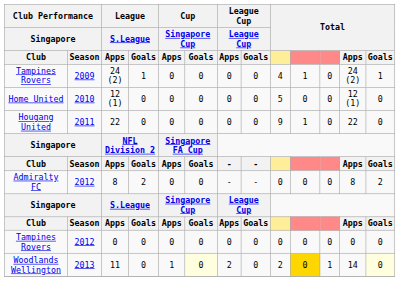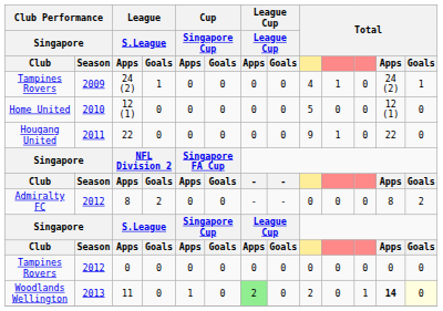 <table class="wikitable" style="text-align:center">
 <tr>
 <th colspan="2">Club Performance</th>
 <th colspan="2">League</th>
 <th colspan="2">Cup</th>
 <th colspan="2">League Cup</th>
 <th colspan="5" rowspan="2">Total</th>
 </tr>
 <tr>
 <th colspan="2">Singapore</th>
 <th colspan="2"><a href='#'>S.League</a></th>
 <th colspan="2"><a href='#'>Singapore Cup</a></th>
 <th colspan="2"><a href='#'>League Cup</a></th>
 </tr>
 <tr>
 <th>Club</th>
 <th>Season</th>
 <th>Apps</th>
 <th>Goals</th>
 <th>Apps</th>
 <th>Goals</th>
 <th>Apps</th>
 <th>Goals</th>
 <th style="width:25px; background:#fe9;"></th>
 <th style="width:40px; background:#ff8888;"></th>
 <th style="width:25px; background:#ff8888;"></th>
 <th>Apps</th>
 <th>Goals</th>
 </tr>
 <tr>
 <td rowspan="1"><a href='#'>Tampines Rovers</a></td>
 <td><a href='#'>2009</a></td>
 <td>24 (2)</td>
 <td>1</td>
 <td>0</td>
 <td>0</td>
 <td>0</td>
 <td>0</td>
 <td>4</td>
 <td>1</td>
 <td>0</td>
 <td>24 (2)</td>
 <td>1</td>
 </tr>
 <tr>
 <td rowspan="1"><a href='#'>Home United</a></td>
 <td><a href='#'>2010</a></td>
 <td>12 (1)</td>
 <td>0</td>
 <td>0</td>
 <td>0</td>
 <td>0</td>
 <td>0</td>
 <td>5</td>
 <td>0</td>
 <td>0</td>
 <td>12 (1)</td>
 <td>0</td>
 </tr>
 <tr>
 <td rowspan="1"><a href='#'>Hougang United</a></td>
 <td><a href='#'>2011</a></td>
 <td>22</td>
 <td>0</td>
 <td>0</td>
 <td>0</td>
 <td>0</td>
 <td>0</td>
 <td>9</td>
 <td>1</td>
 <td>0</td>
 <td>22</td>
 <td>0</td>
 </tr>
 <tr>
 <th colspan="2">Singapore</th>
 <th colspan="2"><a href='#'>NFL Division 2</a></th>
 <th colspan="2"><a href='#'>Singapore FA Cup</a></th>
 </tr>
 <tr>
 <th>Club</th>
 <th>Season</th>
 <th>Apps</th>
 <th>Goals</th>
 <th>Apps</th>
 <th>Goals</th>
 <th>-</th>
 <th>-</th>
 <th style="width:25px; background:#fe9;"></th>
 <th style="width:40px; background:#ff8888;"></th>
 <th style="width:25px; background:#ff8888;"></th>
 <th>Apps</th>
 <th>Goals</th>
 </tr>
 <tr>
 <td rowspan="1"><a href='#'>Admiralty FC</a></td>
 <td><a href='#'>2012</a></td>
 <td>8</td>
 <td>2</td>
 <td>0</td>
 <td>0</td>
 <td>-</td>
 <td>-</td>
 <td>0</td>
 <td>0</td>
 <td>0</td>
 <td>8</td>
 <td>2</td>
 </tr>
 <tr>
 <th colspan="2">Singapore</th>
 <th colspan="2"><a href='#'>S.League</a></th>
 <th colspan="2"><a href='#'>Singapore Cup</a></th>
 <th colspan="2"><a href='#'>League Cup</a></th>
 </tr>
 <tr>
 <th>Club</th>
 <th>Season</th>
 <th>Apps</th>
 <th>Goals</th>
 <th>Apps</th>
 <th>Goals</th>
 <th>Apps</th>
 <th>Goals</th>
 <th style="width:25px; background:#fe9;"></th>
 <th style="width:40px; background:#ff8888;"></th>
 <th style="width:25px; background:#ff8888;"></th>
 <th>Apps</th>
 <th>Goals</th>
 </tr>
 <tr>
 <td rowspan="1"><a href='#'>Tampines Rovers</a></td>
 <td><a href='#'>2012</a></td>
 <td>0</td>
 <td>0</td>
 <td>0</td>
 <td>0</td>
 <td>0</td>
 <td>0</td>
 <td>0</td>
 <td>0</td>
 <td>0</td>
 <td>0</td>
 <td>0</td>
 </tr>
 <tr>
 <td rowspan="1"><a href='#'>Woodlands Wellington</a></td>
 <td><a href='#'>2013</a></td>
 <td>11</td>
 <td>0</td>
 <td>1</td>
-<td style="background: lightyellow;">0</td>
+<td>0</td>
+<td style="background: lightgreen;">2</td>
+<td>0</td>
 <td>2</td>
 <td>0</td>
-<td>2</td>
-<td style="background: gold;">0</td>
 <td>1</td>
-<td>14</td>
+<td><strong>14</strong></td>
 <td style="background: lightyellow;">0</td>
 </tr>
 <tr>
 </tr>
 </table>
